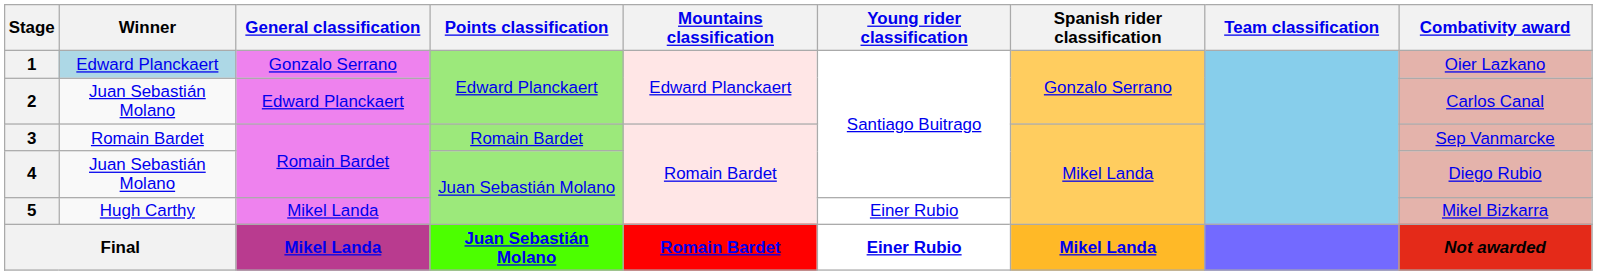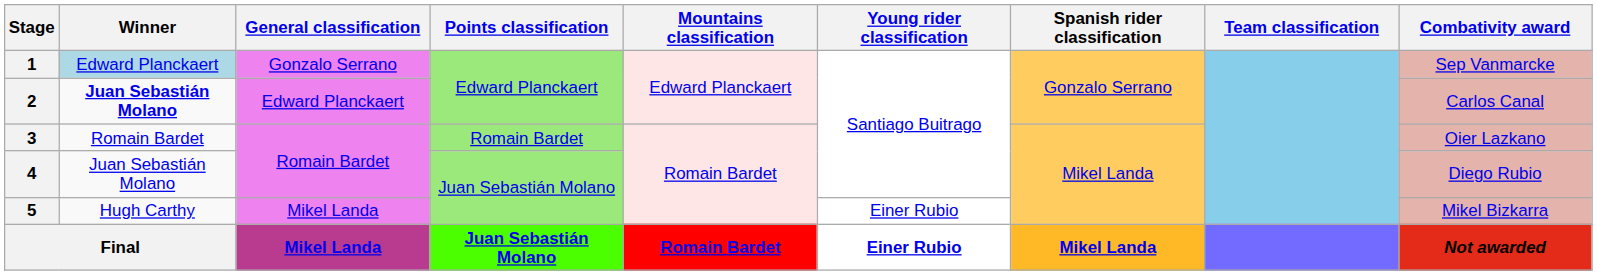 <table class="wikitable" style="text-align: center; font-size:smaller;">
 <tr>
 <th scope="col" style="width:1%;">Stage</th>
 <th scope="col" style="width:11.5%;">Winner</th>
 <th scope="col" style="width:12.5%;"><a href='#'>General classification</a><br></th>
 <th scope="col" style="width:12.5%;"><a href='#'>Points classification</a><br></th>
 <th scope="col" style="width:12.5%;"><a href='#'>Mountains classification</a><br></th>
 <th scope="col" style="width:12.5%;"><a href='#'>Young rider classification</a><br></th>
 <th scope="col" style="width:12.5%;">Spanish rider classification</th>
 <th scope="col" style="width:12.5%;"><a href='#'>Team classification</a></th>
 <th scope="col" style="width:12.5%;"><a href='#'>Combativity award</a></th>
 </tr>
 <tr>
 <th>1</th>
 <td style="background: lightblue;"><a href='#'>Edward Planckaert</a></td>
 <td style="background:violet"><a href='#'>Gonzalo Serrano</a></td>
 <td style="background:#9CE97B;" rowspan="2"><a href='#'>Edward Planckaert</a></td>
 <td style="background:#FFE6E6;" rowspan="2"><a href='#'>Edward Planckaert</a></td>
 <td style="background:white;" rowspan="4"><a href='#'>Santiago Buitrago</a></td>
 <td style="background:#FFCD5F;" rowspan="2"><a href='#'>Gonzalo Serrano</a></td>
 <td style="background:skyblue;" rowspan="5"></td>
-<td style="background:#E4B3AB;"><a href='#'>Oier Lazkano</a></td>
+<td style="background:#E4B3AB;"><a href='#'>Sep Vanmarcke</a></td>
 </tr>
 <tr>
 <th>2</th>
-<td><a href='#'>Juan Sebastián Molano</a></td>
+<td><strong><a href='#'>Juan Sebastián Molano</a></strong></td>
 <td style="background:violet"><a href='#'>Edward Planckaert</a></td>
 <td style="background:#E4B3AB;"><a href='#'>Carlos Canal</a></td>
 </tr>
 <tr>
 <th>3</th>
 <td><a href='#'>Romain Bardet</a></td>
 <td style="background:violet" rowspan="2"><a href='#'>Romain Bardet</a></td>
 <td style="background:#9CE97B;"><a href='#'>Romain Bardet</a></td>
 <td style="background:#FFE6E6;" rowspan="3"><a href='#'>Romain Bardet</a></td>
 <td style="background:#FFCD5F;" rowspan="3"><a href='#'>Mikel Landa</a></td>
-<td style="background:#E4B3AB;"><a href='#'>Sep Vanmarcke</a></td>
+<td style="background:#E4B3AB;"><a href='#'>Oier Lazkano</a></td>
 </tr>
 <tr>
 <th>4</th>
 <td><a href='#'>Juan Sebastián Molano</a></td>
 <td style="background:#9CE97B;" rowspan="2"><a href='#'>Juan Sebastián Molano</a></td>
 <td style="background:#E4B3AB;"><a href='#'>Diego Rubio</a></td>
 </tr>
 <tr>
 <th>5</th>
 <td><a href='#'>Hugh Carthy</a></td>
 <td style="background:violet"><a href='#'>Mikel Landa</a></td>
 <td style="background:white;"><a href='#'>Einer Rubio</a></td>
 <td style="background:#E4B3AB;"><a href='#'>Mikel Bizkarra</a></td>
 </tr>
 <tr>
 <th colspan="2">Final</th>
 <th style="background:#B93B8F;"><a href='#'>Mikel Landa</a></th>
 <th style="background:#4CFF00;"><a href='#'>Juan Sebastián Molano</a></th>
 <th style="background:red;"><a href='#'>Romain Bardet</a></th>
 <th style="background:white;"><a href='#'>Einer Rubio</a></th>
 <th style="background:#FFB927;"><a href='#'>Mikel Landa</a></th>
 <th style="background:#736aff;"></th>
 <th style="background:#E42A19;"><em>Not awarded</em></th>
 </tr>
 </table>
